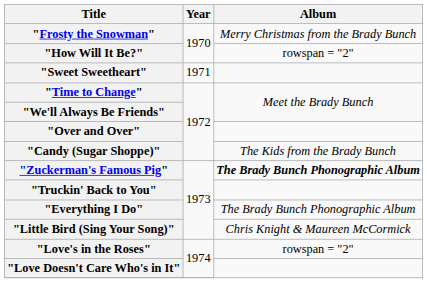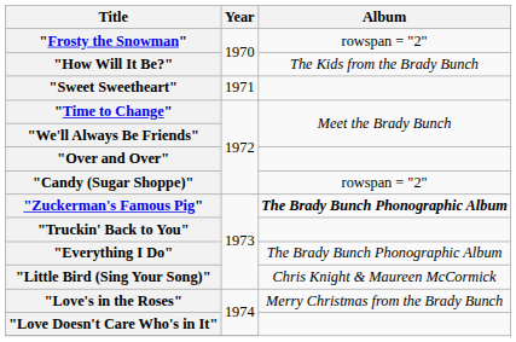 <table class="wikitable plainrowheaders" style=text-align:center;>
 <tr>
 <th scope="col" rowspan="1">Title</th>
 <th scope="col" rowspan="1">Year</th>
 <th scope="col" rowspan="1">Album</th>
 </tr>
 <tr>
 <th scope = "row">"<a href='#'>Frosty the Snowman</a>"</th>
 <td rowspan = "2">1970</td>
-<td><em>Merry Christmas from the Brady Bunch</em></td>
+<td>rowspan = "2" </td>
 </tr>
 <tr>
 <th scope = "row">"How Will It Be?" </th>
-<td>rowspan = "2" </td>
+<td><em>The Kids from the Brady Bunch</em></td>
 </tr>
 <tr>
 <th scope = "row">"Sweet Sweetheart" </th>
 <td>1971</td>
 </tr>
 <tr>
 <th scope = "row">"<a href='#'>Time to Change</a>"</th>
 <td rowspan="4">1972</td>
 <td rowspan = "2"><em>Meet the Brady Bunch</em></td>
 </tr>
 <tr>
 <th scope = "row">"We'll Always Be Friends"</th>
 </tr>
 <tr>
 <th scope = "row">"Over and Over" </th>
 <td></td>
 </tr>
 <tr>
 <th scope = "row">"Candy (Sugar Shoppe)"</th>
-<td><em>The Kids from the Brady Bunch</em></td>
+<td>rowspan = "2" </td>
 </tr>
 <tr>
 <th scope = "row"><a href='#'>"Zuckerman's Famous Pig</a>"</th>
 <td rowspan="4">1973</td>
 <td><strong><em>The Brady Bunch Phonographic Album</em></strong></td>
 </tr>
 <tr>
 <th scope = "row">"Truckin' Back to You" </th>
 <td></td>
 </tr>
 <tr>
 <th scope = "row">"Everything I Do"</th>
 <td><em>The Brady Bunch Phonographic Album</em></td>
 </tr>
 <tr>
 <th scope = "row">"Little Bird (Sing Your Song)" </th>
 <td><em>Chris Knight & Maureen McCormick</em></td>
 </tr>
 <tr>
 <th scope = "row">"Love's in the Roses" </th>
 <td rowspan="2">1974</td>
-<td>rowspan = "2" </td>
+<td><em>Merry Christmas from the Brady Bunch</em></td>
 </tr>
 <tr>
 <th scope = "row">"Love Doesn't Care Who's in It" </th>
 </tr>
 <tr>
 </tr>
 </table>
